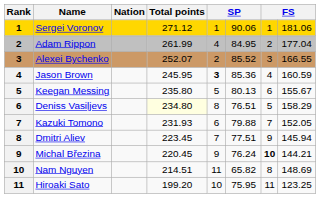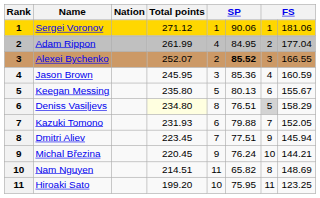 <table class="wikitable sortable">
 <tr>
 <th>Rank</th>
 <th>Name</th>
 <th>Nation</th>
 <th>Total points</th>
 <th colspan="2" width="80px"><a href='#'>SP</a></th>
 <th colspan="2" width="80px"><a href='#'>FS</a></th>
 </tr>
 <tr bgcolor="gold">
 <td align="center"><strong>1</strong></td>
 <td><a href='#'>Sergei Voronov</a></td>
 <td></td>
 <td align="center">271.12</td>
 <td align="center">1</td>
 <td align="center">90.06</td>
 <td align="center">1</td>
 <td align="center">181.06</td>
 </tr>
 <tr bgcolor="silver">
 <td align="center"><strong>2</strong></td>
 <td><a href='#'>Adam Rippon</a></td>
 <td></td>
 <td align="center">261.99</td>
 <td align="center">4</td>
 <td align="center">84.95</td>
 <td align="center">2</td>
 <td align="center">177.04</td>
 </tr>
 <tr bgcolor="cc9966">
 <td align="center"><strong>3</strong></td>
 <td><a href='#'>Alexei Bychenko</a></td>
 <td></td>
 <td align="center">252.07</td>
 <td align="center">2</td>
-<td align="center">85.52</td>
+<td align="center"><strong>85.52</strong></td>
 <td align="center">3</td>
 <td align="center">166.55</td>
 </tr>
 <tr>
 <th>4</th>
 <td><a href='#'>Jason Brown</a></td>
 <td></td>
 <td align="center">245.95</td>
-<td align="center"><strong>3</strong></td>
+<td align="center">3</td>
 <td align="center">85.36</td>
 <td align="center">4</td>
 <td align="center">160.59</td>
 </tr>
 <tr>
 <th>5</th>
 <td><a href='#'>Keegan Messing</a></td>
 <td></td>
 <td align="center">235.80</td>
 <td align="center">5</td>
 <td align="center">80.13</td>
 <td align="center">6</td>
 <td align="center">155.67</td>
 </tr>
 <tr>
 <th>6</th>
 <td><a href='#'>Deniss Vasiļjevs</a></td>
 <td></td>
 <td align="center" style="background: lightyellow;">234.80</td>
 <td align="center">8</td>
 <td align="center">76.51</td>
-<td align="center">5</td>
+<td align="center" style="background: lightgrey;">5</td>
 <td align="center">158.29</td>
 </tr>
 <tr>
 <th>7</th>
 <td><a href='#'>Kazuki Tomono</a></td>
 <td></td>
 <td align="center">231.93</td>
 <td align="center">6</td>
 <td align="center">79.88</td>
 <td align="center">7</td>
 <td align="center">152.05</td>
 </tr>
 <tr>
 <th>8</th>
 <td><a href='#'>Dmitri Aliev</a></td>
 <td></td>
 <td align="center">223.45</td>
 <td align="center">7</td>
 <td align="center">77.51</td>
 <td align="center">9</td>
 <td align="center">145.94</td>
 </tr>
 <tr>
 <th>9</th>
 <td><a href='#'>Michal Březina</a></td>
 <td></td>
 <td align="center">220.45</td>
 <td align="center">9</td>
 <td align="center">76.24</td>
-<td align="center"><strong>10</strong></td>
+<td align="center">10</td>
 <td align="center">144.21</td>
 </tr>
 <tr>
 <th>10</th>
 <td><a href='#'>Nam Nguyen</a></td>
 <td></td>
 <td align="center">214.51</td>
 <td align="center">11</td>
 <td align="center">65.82</td>
 <td align="center">8</td>
 <td align="center">148.69</td>
 </tr>
 <tr>
 <th>11</th>
 <td><a href='#'>Hiroaki Sato</a></td>
 <td></td>
 <td align="center">199.20</td>
 <td align="center">10</td>
 <td align="center">75.95</td>
 <td align="center">11</td>
 <td align="center">123.25</td>
 </tr>
 </table>
